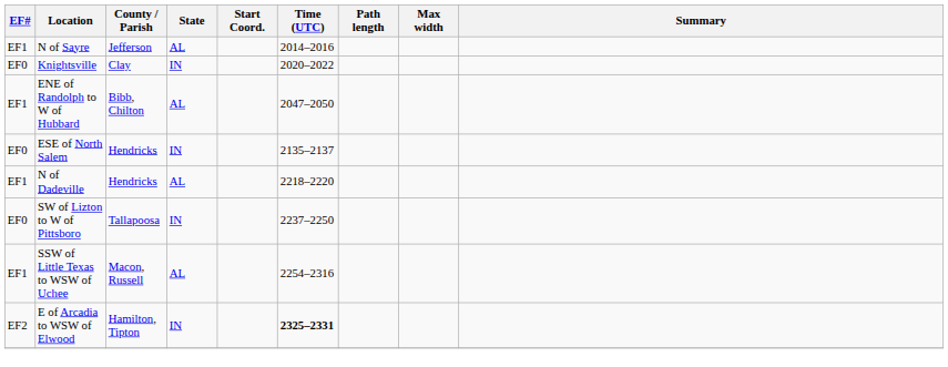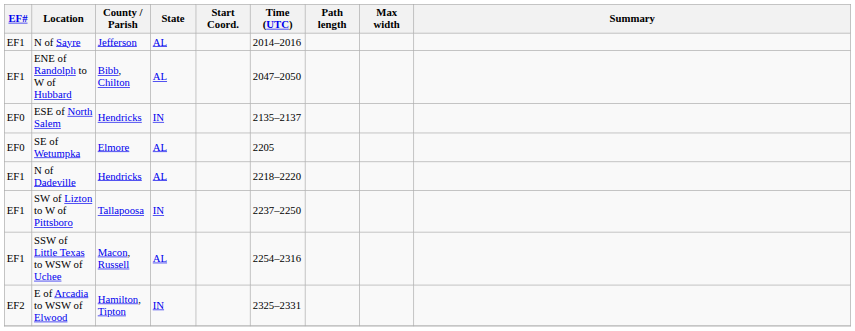 <table class="wikitable sortable" style="width:100%;">
 <tr>
 <th scope="col"  style="width:3%; text-align:center;"><a href='#'>EF#</a></th>
 <th scope="col"  style="width:7%; text-align:center;" class="unsortable">Location</th>
 <th scope="col"  style="width:6%; text-align:center;" class="unsortable">County / Parish</th>
 <th scope="col"  style="width:5%; text-align:center;">State</th>
 <th scope="col"  style="width:6%; text-align:center;">Start Coord.</th>
 <th scope="col"  style="width:6%; text-align:center;">Time (<a href='#'>UTC</a>)</th>
 <th scope="col"  style="width:6%; text-align:center;">Path length</th>
 <th scope="col"  style="width:6%; text-align:center;">Max width</th>
 <th scope="col" class="unsortable" style="width:48%; text-align:center;">Summary</th>
 </tr>
 <tr>
 <td>EF1</td>
 <td>N of <a href='#'>Sayre</a></td>
 <td><a href='#'>Jefferson</a></td>
 <td><a href='#'>AL</a></td>
 <td></td>
 <td>2014–2016</td>
-<td></td>
-<td></td>
-<td></td>
-</tr>
-<tr>
-<td>EF0</td>
-<td><a href='#'>Knightsville</a></td>
-<td><a href='#'>Clay</a></td>
-<td><a href='#'>IN</a></td>
-<td></td>
-<td>2020–2022</td>
 <td></td>
 <td></td>
 <td></td>
 </tr>
 <tr>
 <td>EF1</td>
 <td>ENE of <a href='#'>Randolph</a> to W of <a href='#'>Hubbard</a></td>
 <td><a href='#'>Bibb</a>, <a href='#'>Chilton</a></td>
 <td><a href='#'>AL</a></td>
 <td></td>
 <td>2047–2050</td>
 <td></td>
 <td></td>
 <td></td>
 </tr>
 <tr>
 <td>EF0</td>
 <td>ESE of <a href='#'>North Salem</a></td>
 <td><a href='#'>Hendricks</a></td>
 <td><a href='#'>IN</a></td>
 <td></td>
 <td>2135–2137</td>
 <td></td>
 <td></td>
 <td></td>
 </tr>
 <tr>
+<td>EF0</td>
+<td>SE of <a href='#'>Wetumpka</a></td>
+<td><a href='#'>Elmore</a></td>
+<td><a href='#'>AL</a></td>
+<td></td>
+<td>2205</td>
+<td></td>
+<td></td>
+<td></td>
+</tr>
+<tr>
 <td>EF1</td>
 <td>N of <a href='#'>Dadeville</a></td>
 <td><a href='#'>Hendricks</a></td>
 <td><a href='#'>AL</a></td>
 <td></td>
 <td>2218–2220</td>
 <td></td>
 <td></td>
 <td></td>
 </tr>
 <tr>
-<td>EF0</td>
+<td>EF1</td>
 <td>SW of <a href='#'>Lizton</a> to W of <a href='#'>Pittsboro</a></td>
 <td><a href='#'>Tallapoosa</a></td>
 <td><a href='#'>IN</a></td>
 <td></td>
 <td>2237–2250</td>
 <td></td>
 <td></td>
 <td></td>
 </tr>
 <tr>
 <td>EF1</td>
 <td>SSW of <a href='#'>Little Texas</a> to WSW of <a href='#'>Uchee</a></td>
 <td><a href='#'>Macon</a>, <a href='#'>Russell</a></td>
 <td><a href='#'>AL</a></td>
 <td></td>
 <td>2254–2316</td>
 <td></td>
 <td></td>
 <td></td>
 </tr>
 <tr>
 <td>EF2</td>
 <td>E of <a href='#'>Arcadia</a> to WSW of <a href='#'>Elwood</a></td>
 <td><a href='#'>Hamilton</a>, <a href='#'>Tipton</a></td>
 <td><a href='#'>IN</a></td>
 <td></td>
-<td><strong>2325–2331</strong></td>
+<td>2325–2331</td>
 <td></td>
 <td></td>
 <td></td>
 </tr>
 <tr>
 </tr>
 </table>
